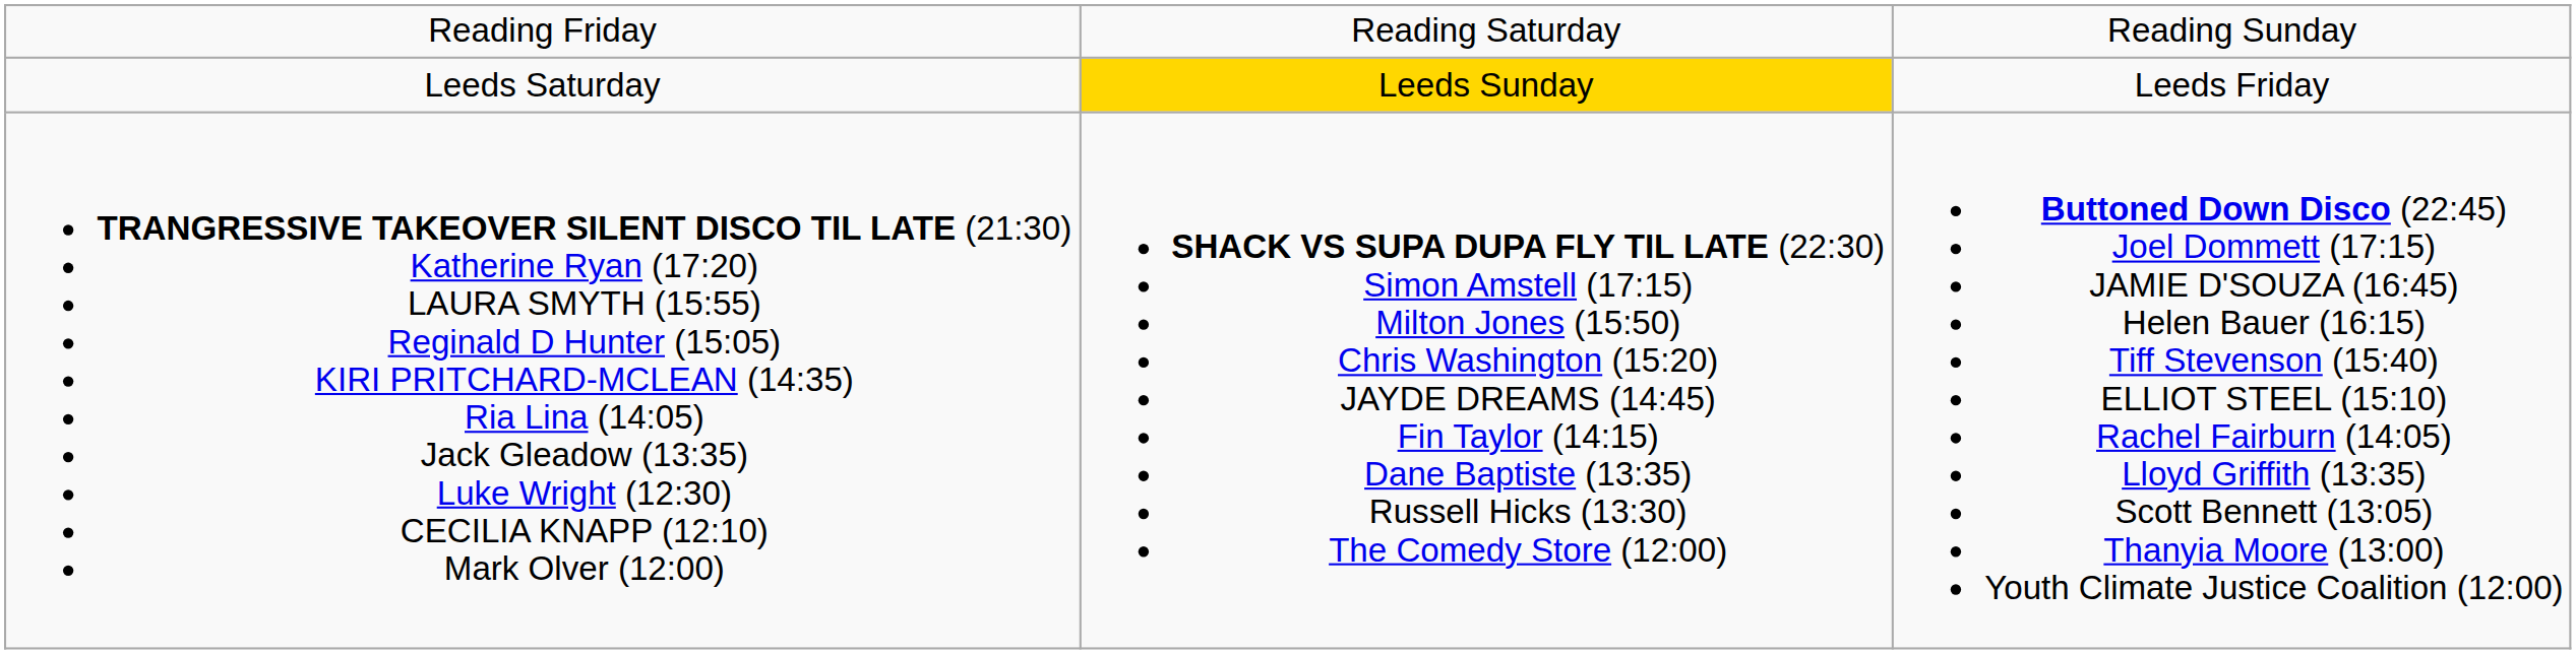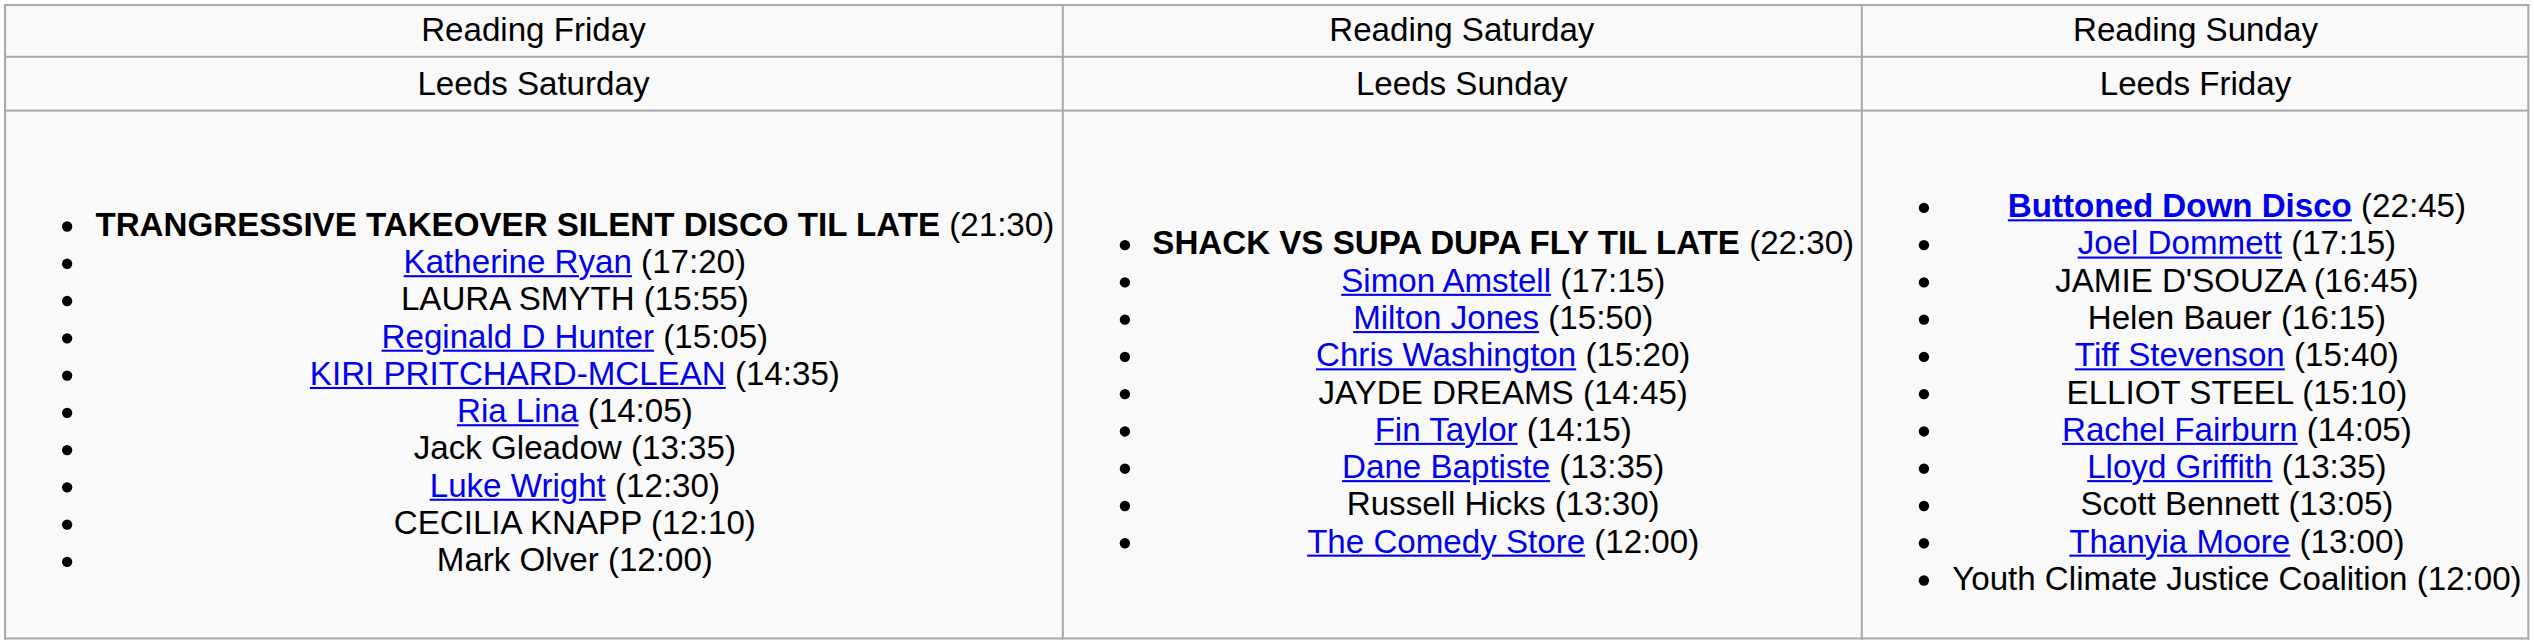 <table class="wikitable" style="text-align:center;">
 <tr>
 <td>Reading Friday</td>
 <td>Reading Saturday</td>
 <td>Reading Sunday</td>
 </tr>
 <tr>
 <td>Leeds Saturday</td>
-<td style="background: gold;">Leeds Sunday</td>
+<td>Leeds Sunday</td>
 <td>Leeds Friday</td>
 </tr>
 <tr>
 <td><br><ul><li><strong>TRANGRESSIVE TAKEOVER SILENT DISCO TIL LATE</strong> (21:30)</li><li><a href='#'>Katherine Ryan</a> (17:20)</li><li>LAURA SMYTH (15:55)</li><li><a href='#'>Reginald D Hunter</a> (15:05)</li><li><a href='#'>KIRI PRITCHARD-MCLEAN</a> (14:35)</li><li><a href='#'>Ria Lina</a> (14:05)</li><li>Jack Gleadow (13:35)</li><li><a href='#'>Luke Wright</a> (12:30)</li><li>CECILIA KNAPP (12:10)</li><li>Mark Olver (12:00)</li></ul></td>
 <td><br><ul><li><strong>SHACK VS SUPA DUPA FLY TIL LATE</strong> (22:30)</li><li><a href='#'>Simon Amstell</a> (17:15)</li><li><a href='#'>Milton Jones</a> (15:50)</li><li><a href='#'>Chris Washington</a> (15:20)</li><li>JAYDE DREAMS (14:45)</li><li><a href='#'>Fin Taylor</a> (14:15)</li><li><a href='#'>Dane Baptiste</a> (13:35)</li><li>Russell Hicks (13:30)</li><li><a href='#'>The Comedy Store</a> (12:00)</li></ul></td>
 <td><br><ul><li><strong><a href='#'>Buttoned Down Disco</a></strong> (22:45)</li><li><a href='#'>Joel Dommett</a> (17:15)</li><li>JAMIE D'SOUZA (16:45)</li><li>Helen Bauer (16:15)</li><li><a href='#'>Tiff Stevenson</a> (15:40)</li><li>ELLIOT STEEL (15:10)</li><li><a href='#'>Rachel Fairburn</a> (14:05)</li><li><a href='#'>Lloyd Griffith</a> (13:35)</li><li>Scott Bennett (13:05)</li><li><a href='#'>Thanyia Moore</a> (13:00)</li><li>Youth Climate Justice Coalition (12:00)</li></ul></td>
 </tr>
 </table>
